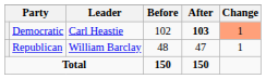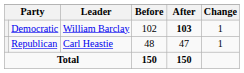 <table class="wikitable" style="text-align:center;">
 <tr>
 </tr>
 <tr>
 <th colspan="2">Party</th>
 <th>Leader</th>
 <th style="width:3em">Before</th>
 <th style="width:3em">After</th>
 <th style="width:3em">Change</th>
 </tr>
 <tr>
 <th style="background-color:"></th>
 <td style="text-align:left;"><a href='#'>Democratic</a></td>
-<td style="text-align:left;"><a href='#'>Carl Heastie</a></td>
+<td style="text-align:left;"><a href='#'>William Barclay</a></td>
 <td>102</td>
 <td><strong>103</strong></td>
-<td style="background: lightsalmon;"> 1</td>
+<td> 1</td>
 </tr>
 <tr>
 <th style="background-color:"></th>
 <td style="text-align:left;"><a href='#'>Republican</a></td>
-<td style="text-align:left;"><a href='#'>William Barclay</a></td>
+<td style="text-align:left;"><a href='#'>Carl Heastie</a></td>
 <td>48</td>
 <td>47</td>
 <td> 1</td>
 </tr>
 <tr>
 <td colspan="3"><strong>Total</strong></td>
 <td><strong>150</strong></td>
 <td><strong>150</strong></td>
 <td></td>
 </tr>
 </table>
